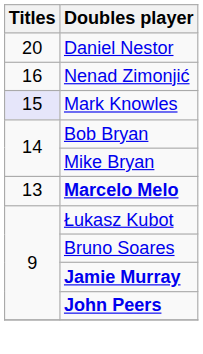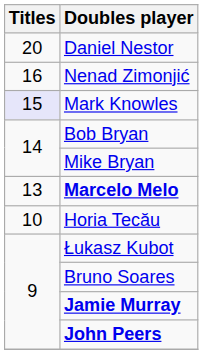 <table class="wikitable nowrap" style="display:inline-table;">
 <tr>
 <th>Titles</th>
 <th>Doubles player</th>
 </tr>
 <tr>
 <td align=center>20</td>
 <td> <a href='#'>Daniel Nestor</a></td>
 </tr>
 <tr>
 <td align=center>16</td>
 <td> <a href='#'>Nenad Zimonjić</a></td>
 </tr>
 <tr>
 <td align=center style="background: lavender;">15</td>
 <td> <a href='#'>Mark Knowles</a></td>
 </tr>
 <tr>
 <td rowspan="2" align=center>14</td>
 <td> <a href='#'>Bob Bryan</a></td>
 </tr>
 <tr>
 <td> <a href='#'>Mike Bryan</a></td>
 </tr>
 <tr>
 <td rowspan="1" align=center>13</td>
 <td> <strong><a href='#'>Marcelo Melo</a></strong></td>
 </tr>
 <tr>
+<td rowspan="1" align=center>10</td>
+<td> <a href='#'>Horia Tecău</a></td>
+</tr>
+<tr>
 <td rowspan="4" align=center>9</td>
 <td> <a href='#'>Łukasz Kubot</a></td>
 </tr>
 <tr>
 <td> <a href='#'>Bruno Soares</a></td>
 </tr>
 <tr>
 <td> <strong><a href='#'>Jamie Murray</a> </strong></td>
 </tr>
 <tr>
 <td> <strong><a href='#'>John Peers</a></strong></td>
 </tr>
 <tr>
 </tr>
 </table>
